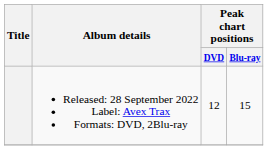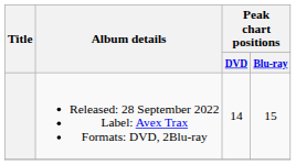 <table class="wikitable plainrowheaders" style="text-align:center;">
 <tr>
 <th scope="col" rowspan="2">Title</th>
 <th scope="col" rowspan="2">Album details</th>
 <th scope="col" colspan="2">Peak <br> chart <br> positions</th>
 </tr>
 <tr>
 <th scope="col"><small><a href='#'>DVD</a></small></th>
 <th scope="col"><small><a href='#'>Blu-ray</a></small></th>
 </tr>
 <tr>
 <th scope="row"><em></em></th>
 <td><br><ul><li>Released: 28 September 2022</li><li>Label: <a href='#'>Avex Trax</a></li><li>Formats: DVD, 2Blu-ray</li></ul></td>
-<td>12</td>
+<td>14</td>
 <td>15</td>
 </tr>
 <tr>
 </tr>
 </table>
